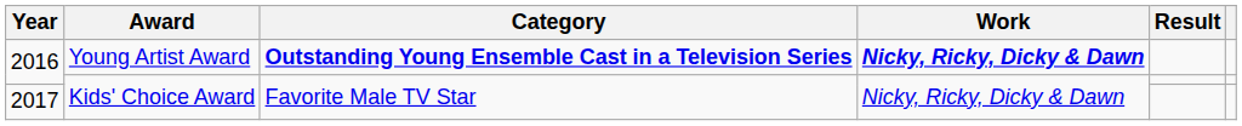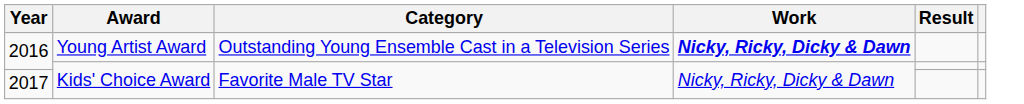 <table class="wikitable">
 <tr>
 <th>Year</th>
 <th>Award</th>
 <th>Category</th>
 <th>Work</th>
 <th>Result</th>
 <th></th>
 </tr>
 <tr>
 <td rowspan=2>2016</td>
 <td><a href='#'>Young Artist Award</a></td>
-<td><strong><a href='#'>Outstanding Young Ensemble Cast in a Television Series</a></strong></td>
+<td><a href='#'>Outstanding Young Ensemble Cast in a Television Series</a></td>
 <td><strong><em><a href='#'>Nicky, Ricky, Dicky & Dawn</a></em><br></strong></td>
 <td></td>
 <td style="text-align:center;"></td>
 </tr>
 <tr>
 <td rowspan=2><a href='#'>Kids' Choice Award</a></td>
 <td rowspan=2><a href='#'>Favorite Male TV Star</a></td>
 <td rowspan=2><em><a href='#'>Nicky, Ricky, Dicky & Dawn</a></em></td>
 <td></td>
 <td style="text-align:center;"></td>
 </tr>
 <tr>
 <td>2017</td>
 <td></td>
 <td style="text-align:center;"></td>
 </tr>
 </table>
